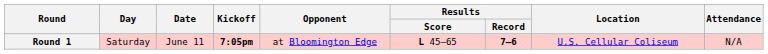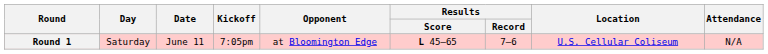 <table class="wikitable">
 <tr>
 <th rowspan="2" width="130">Round</th>
 <th rowspan="2" width="75">Day</th>
 <th rowspan="2" width="75">Date</th>
 <th rowspan="2" width="60">Kickoff</th>
 <th rowspan="2" width="180">Opponent</th>
 <th colspan="2" width="180">Results</th>
 <th rowspan="2" width="240">Location</th>
 <th rowspan="2" width=>Attendance</th>
 </tr>
 <tr>
 <th width="130">Score</th>
 <th width="60">Record</th>
 </tr>
 <tr align="center" bgcolor="#FFCCCC">
 <th>Round 1</th>
 <td>Saturday</td>
 <td>June 11</td>
-<td><strong>7:05pm</strong></td>
+<td>7:05pm</td>
 <td>at <a href='#'>Bloomington Edge</a></td>
 <td><strong>L</strong> 45–65</td>
-<td><strong>7–6</strong></td>
+<td>7–6</td>
 <td><a href='#'>U.S. Cellular Coliseum</a></td>
 <td>N/A</td>
 </tr>
 </table>
